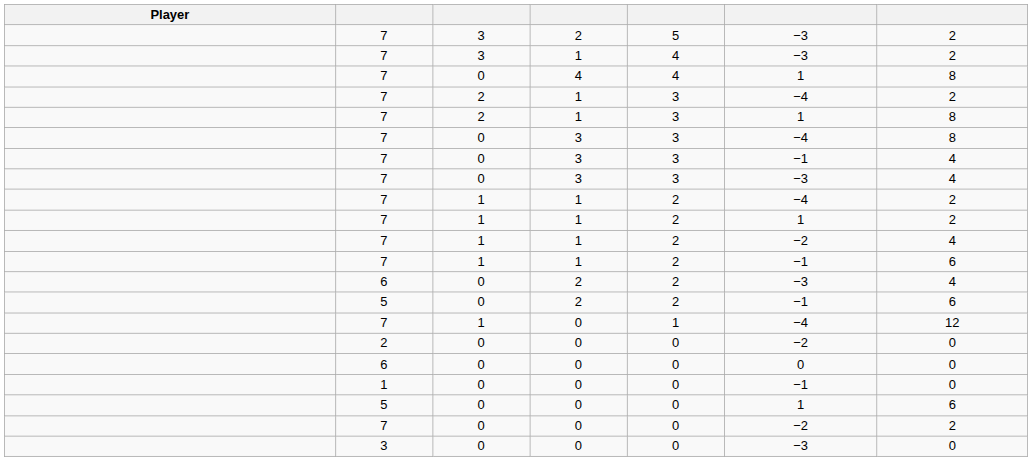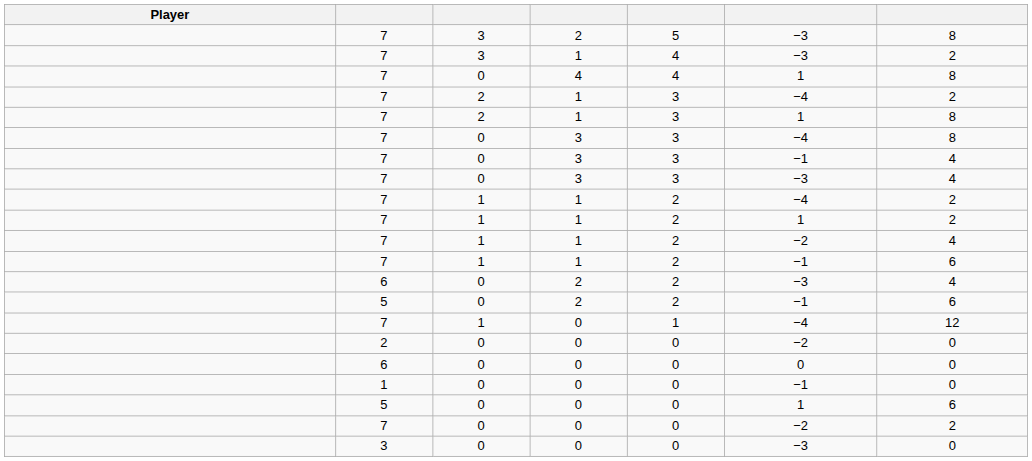 <table class="wikitable sortable" style="width:100%;">
 <tr align=center>
 <th>Player</th>
 <th></th>
 <th></th>
 <th></th>
 <th></th>
 <th data-sort-type="number"></th>
 <th></th>
 </tr>
 <tr align=center>
 <td></td>
 <td>7</td>
 <td>3</td>
 <td>2</td>
 <td>5</td>
 <td>−3</td>
-<td>2</td>
+<td>8</td>
 </tr>
 <tr align=center>
 <td></td>
 <td>7</td>
 <td>3</td>
 <td>1</td>
 <td>4</td>
 <td>−3</td>
 <td>2</td>
 </tr>
 <tr align=center>
 <td></td>
 <td>7</td>
 <td>0</td>
 <td>4</td>
 <td>4</td>
 <td>1</td>
 <td>8</td>
 </tr>
 <tr align=center>
 <td></td>
 <td>7</td>
 <td>2</td>
 <td>1</td>
 <td>3</td>
 <td>−4</td>
 <td>2</td>
 </tr>
 <tr align=center>
 <td></td>
 <td>7</td>
 <td>2</td>
 <td>1</td>
 <td>3</td>
 <td>1</td>
 <td>8</td>
 </tr>
 <tr align=center>
 <td></td>
 <td>7</td>
 <td>0</td>
 <td>3</td>
 <td>3</td>
 <td>−4</td>
 <td>8</td>
 </tr>
 <tr align=center>
 <td></td>
 <td>7</td>
 <td>0</td>
 <td>3</td>
 <td>3</td>
 <td>−1</td>
 <td>4</td>
 </tr>
 <tr align=center>
 <td></td>
 <td>7</td>
 <td>0</td>
 <td>3</td>
 <td>3</td>
 <td>−3</td>
 <td>4</td>
 </tr>
 <tr align=center>
 <td></td>
 <td>7</td>
 <td>1</td>
 <td>1</td>
 <td>2</td>
 <td>−4</td>
 <td>2</td>
 </tr>
 <tr align=center>
 <td></td>
 <td>7</td>
 <td>1</td>
 <td>1</td>
 <td>2</td>
 <td>1</td>
 <td>2</td>
 </tr>
 <tr align=center>
 <td></td>
 <td>7</td>
 <td>1</td>
 <td>1</td>
 <td>2</td>
 <td>−2</td>
 <td>4</td>
 </tr>
 <tr align=center>
 <td></td>
 <td>7</td>
 <td>1</td>
 <td>1</td>
 <td>2</td>
 <td>−1</td>
 <td>6</td>
 </tr>
 <tr align=center>
 <td></td>
 <td>6</td>
 <td>0</td>
 <td>2</td>
 <td>2</td>
 <td>−3</td>
 <td>4</td>
 </tr>
 <tr align=center>
 <td></td>
 <td>5</td>
 <td>0</td>
 <td>2</td>
 <td>2</td>
 <td>−1</td>
 <td>6</td>
 </tr>
 <tr align=center>
 <td></td>
 <td>7</td>
 <td>1</td>
 <td>0</td>
 <td>1</td>
 <td>−4</td>
 <td>12</td>
 </tr>
 <tr align=center>
 <td></td>
 <td>2</td>
 <td>0</td>
 <td>0</td>
 <td>0</td>
 <td>−2</td>
 <td>0</td>
 </tr>
 <tr align=center>
 <td></td>
 <td>6</td>
 <td>0</td>
 <td>0</td>
 <td>0</td>
 <td>0</td>
 <td>0</td>
 </tr>
 <tr align=center>
 <td></td>
 <td>1</td>
 <td>0</td>
 <td>0</td>
 <td>0</td>
 <td>−1</td>
 <td>0</td>
 </tr>
 <tr align=center>
 <td></td>
 <td>5</td>
 <td>0</td>
 <td>0</td>
 <td>0</td>
 <td>1</td>
 <td>6</td>
 </tr>
 <tr align=center>
 <td></td>
 <td>7</td>
 <td>0</td>
 <td>0</td>
 <td>0</td>
 <td>−2</td>
 <td>2</td>
 </tr>
 <tr align=center>
 <td></td>
 <td>3</td>
 <td>0</td>
 <td>0</td>
 <td>0</td>
 <td>−3</td>
 <td>0</td>
 </tr>
 </table>
